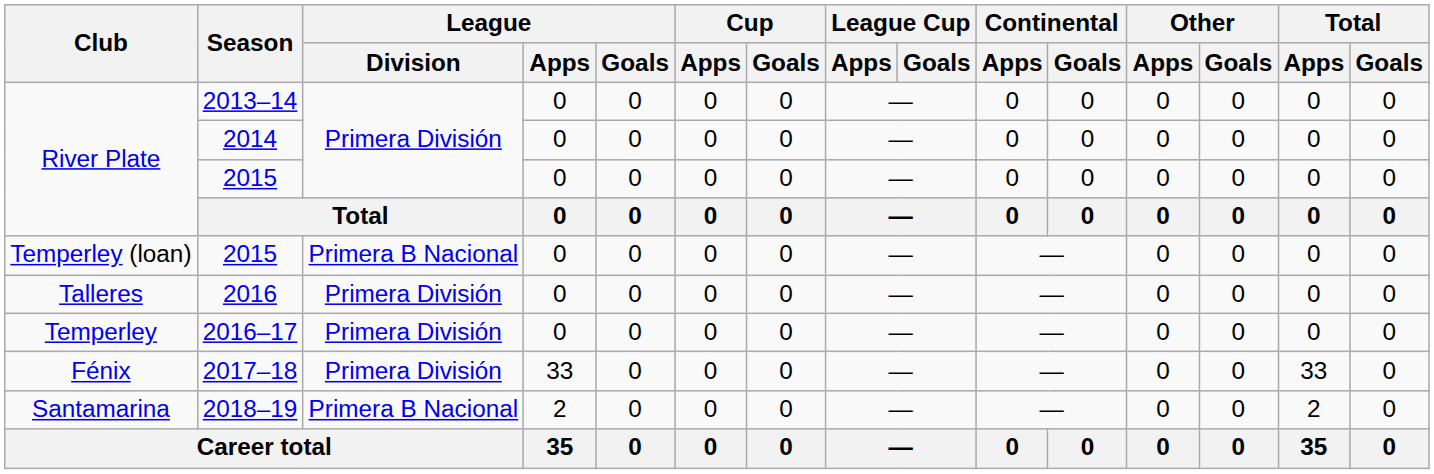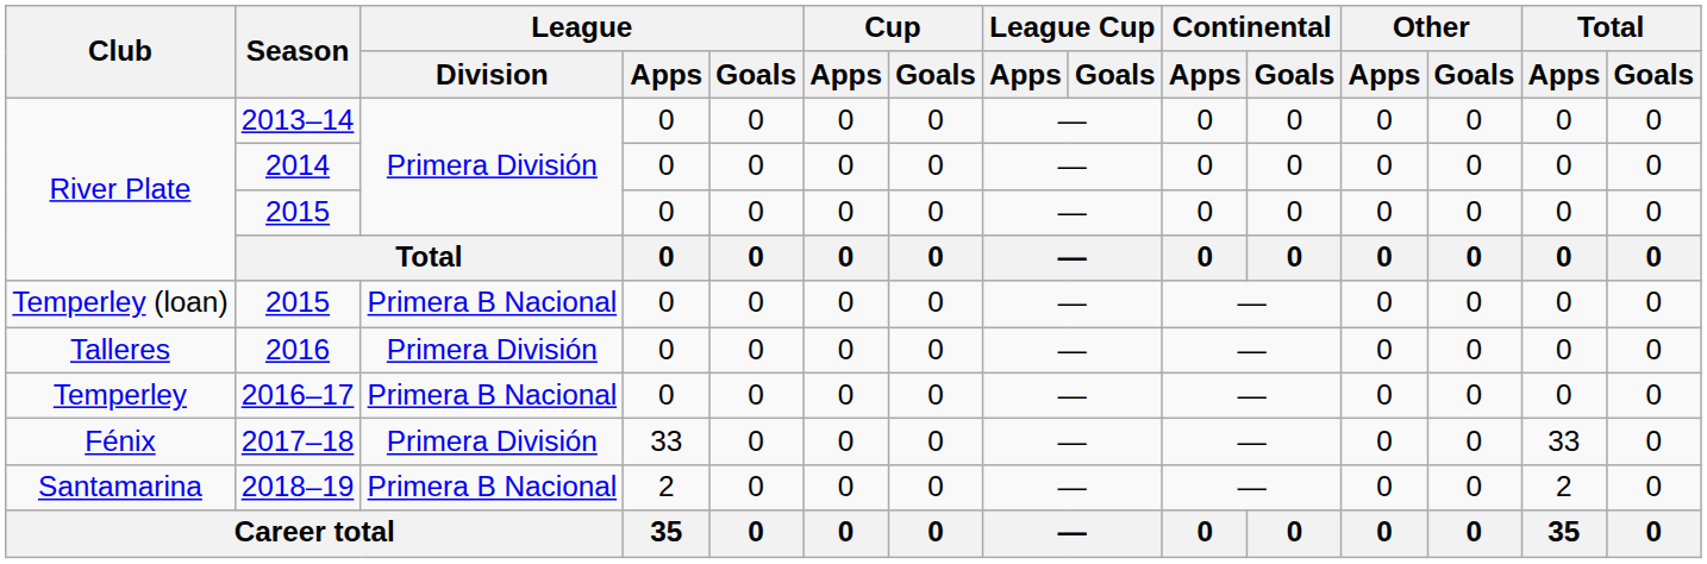 <table class="wikitable" style="text-align:center">
 <tr>
 <th rowspan="2">Club</th>
 <th rowspan="2">Season</th>
 <th colspan="3">League</th>
 <th colspan="2">Cup</th>
 <th colspan="2">League Cup</th>
 <th colspan="2">Continental</th>
 <th colspan="2">Other</th>
 <th colspan="2">Total</th>
 </tr>
 <tr>
 <th>Division</th>
 <th>Apps</th>
 <th>Goals</th>
 <th>Apps</th>
 <th>Goals</th>
 <th>Apps</th>
 <th>Goals</th>
 <th>Apps</th>
 <th>Goals</th>
 <th>Apps</th>
 <th>Goals</th>
 <th>Apps</th>
 <th>Goals</th>
 </tr>
 <tr>
 <td rowspan="4"><a href='#'>River Plate</a></td>
 <td><a href='#'>2013–14</a></td>
 <td rowspan="3"><a href='#'>Primera División</a></td>
 <td>0</td>
 <td>0</td>
 <td>0</td>
 <td>0</td>
 <td colspan="2">—</td>
 <td>0</td>
 <td>0</td>
 <td>0</td>
 <td>0</td>
 <td>0</td>
 <td>0</td>
 </tr>
 <tr>
 <td><a href='#'>2014</a></td>
 <td>0</td>
 <td>0</td>
 <td>0</td>
 <td>0</td>
 <td colspan="2">—</td>
 <td>0</td>
 <td>0</td>
 <td>0</td>
 <td>0</td>
 <td>0</td>
 <td>0</td>
 </tr>
 <tr>
 <td><a href='#'>2015</a></td>
 <td>0</td>
 <td>0</td>
 <td>0</td>
 <td>0</td>
 <td colspan="2">—</td>
 <td>0</td>
 <td>0</td>
 <td>0</td>
 <td>0</td>
 <td>0</td>
 <td>0</td>
 </tr>
 <tr>
 <th colspan="2">Total</th>
 <th>0</th>
 <th>0</th>
 <th>0</th>
 <th>0</th>
 <th colspan="2">—</th>
 <th>0</th>
 <th>0</th>
 <th>0</th>
 <th>0</th>
 <th>0</th>
 <th>0</th>
 </tr>
 <tr>
 <td rowspan="1"><a href='#'>Temperley</a> (loan)</td>
 <td><a href='#'>2015</a></td>
 <td rowspan="1"><a href='#'>Primera B Nacional</a></td>
 <td>0</td>
 <td>0</td>
 <td>0</td>
 <td>0</td>
 <td colspan="2">—</td>
 <td colspan="2">—</td>
 <td>0</td>
 <td>0</td>
 <td>0</td>
 <td>0</td>
 </tr>
 <tr>
 <td rowspan="1"><a href='#'>Talleres</a></td>
 <td><a href='#'>2016</a></td>
 <td rowspan="1"><a href='#'>Primera División</a></td>
 <td>0</td>
 <td>0</td>
 <td>0</td>
 <td>0</td>
 <td colspan="2">—</td>
 <td colspan="2">—</td>
 <td>0</td>
 <td>0</td>
 <td>0</td>
 <td>0</td>
 </tr>
 <tr>
 <td rowspan="1"><a href='#'>Temperley</a></td>
 <td><a href='#'>2016–17</a></td>
-<td rowspan="1"><a href='#'>Primera División</a></td>
+<td rowspan="1"><a href='#'>Primera B Nacional</a></td>
 <td>0</td>
 <td>0</td>
 <td>0</td>
 <td>0</td>
 <td colspan="2">—</td>
 <td colspan="2">—</td>
 <td>0</td>
 <td>0</td>
 <td>0</td>
 <td>0</td>
 </tr>
 <tr>
 <td rowspan="1"><a href='#'>Fénix</a></td>
 <td><a href='#'>2017–18</a></td>
 <td rowspan="1"><a href='#'>Primera División</a></td>
 <td>33</td>
 <td>0</td>
 <td>0</td>
 <td>0</td>
 <td colspan="2">—</td>
 <td colspan="2">—</td>
 <td>0</td>
 <td>0</td>
 <td>33</td>
 <td>0</td>
 </tr>
 <tr>
 <td rowspan="1"><a href='#'>Santamarina</a></td>
 <td><a href='#'>2018–19</a></td>
 <td rowspan="1"><a href='#'>Primera B Nacional</a></td>
 <td>2</td>
 <td>0</td>
 <td>0</td>
 <td>0</td>
 <td colspan="2">—</td>
 <td colspan="2">—</td>
 <td>0</td>
 <td>0</td>
 <td>2</td>
 <td>0</td>
 </tr>
 <tr>
 <th colspan="3">Career total</th>
 <th>35</th>
 <th>0</th>
 <th>0</th>
 <th>0</th>
 <th colspan="2">—</th>
 <th>0</th>
 <th>0</th>
 <th>0</th>
 <th>0</th>
 <th>35</th>
 <th>0</th>
 </tr>
 </table>
